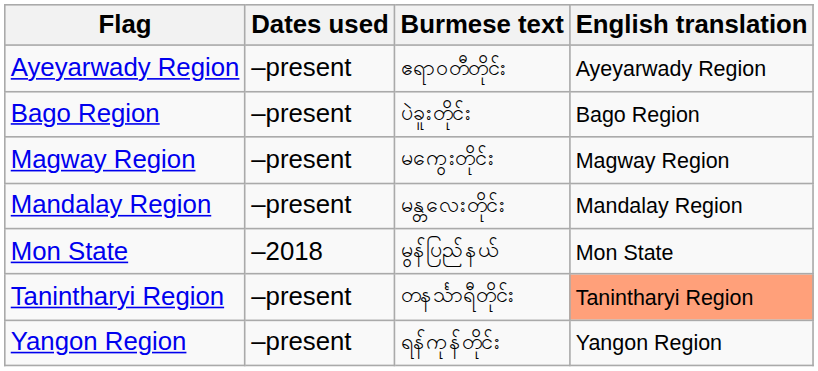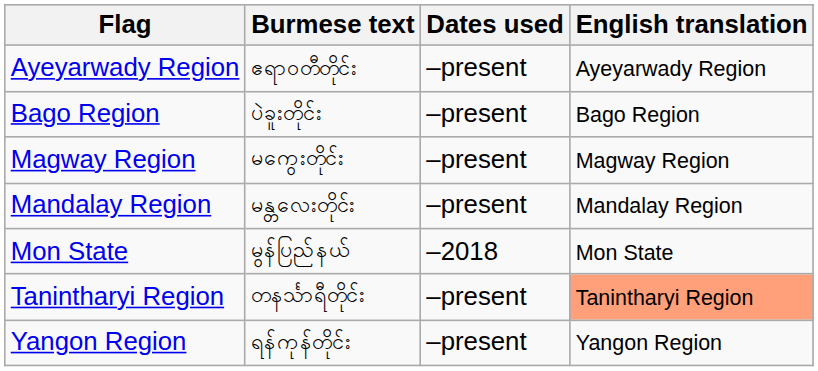 <table class="wikitable sortable noresize">
 <tr>
 <th>Flag</th>
+<th>Burmese text</th>
 <th>Dates used</th>
-<th>Burmese text</th>
 <th>English translation</th>
 </tr>
 <tr>
 <td> <a href='#'>Ayeyarwady Region</a></td>
+<td><small>ဧရာဝတီတိုင်း</small></td>
 <td>–present</td>
-<td><small>ဧရာဝတီတိုင်း</small></td>
 <td><small>Ayeyarwady Region</small></td>
 </tr>
 <tr>
 <td> <a href='#'>Bago Region</a></td>
+<td><small>ပဲခူးတိုင်း</small></td>
 <td>–present</td>
-<td><small>ပဲခူးတိုင်း</small></td>
 <td><small>Bago Region</small></td>
 </tr>
 <tr>
 <td> <a href='#'>Magway Region</a></td>
+<td><small>မကွေးတိုင်း</small></td>
 <td>–present</td>
-<td><small>မကွေးတိုင်း</small></td>
 <td><small>Magway Region</small></td>
 </tr>
 <tr>
 <td> <a href='#'>Mandalay Region</a></td>
+<td><small>မန္တလေးတိုင်း</small></td>
 <td>–present</td>
-<td><small>မန္တလေးတိုင်း</small></td>
 <td><small>Mandalay Region</small></td>
 </tr>
 <tr>
 <td> <a href='#'>Mon State</a></td>
+<td><small>မွန်ပြည်နယ်</small></td>
 <td>–2018</td>
-<td><small>မွန်ပြည်နယ်</small></td>
 <td><small>Mon State</small></td>
 </tr>
 <tr>
 <td> <a href='#'>Tanintharyi Region</a></td>
+<td><small>တနင်္သာရီတိုင်း</small></td>
 <td>–present</td>
-<td><small>တနင်္သာရီတိုင်း</small></td>
 <td style="background: lightsalmon;"><small>Tanintharyi Region</small></td>
 </tr>
 <tr>
 <td> <a href='#'>Yangon Region</a></td>
+<td><small>ရန်ကုန်တိုင်း</small></td>
 <td>–present</td>
-<td><small>ရန်ကုန်တိုင်း</small></td>
 <td><small>Yangon Region</small></td>
 </tr>
 </table>
